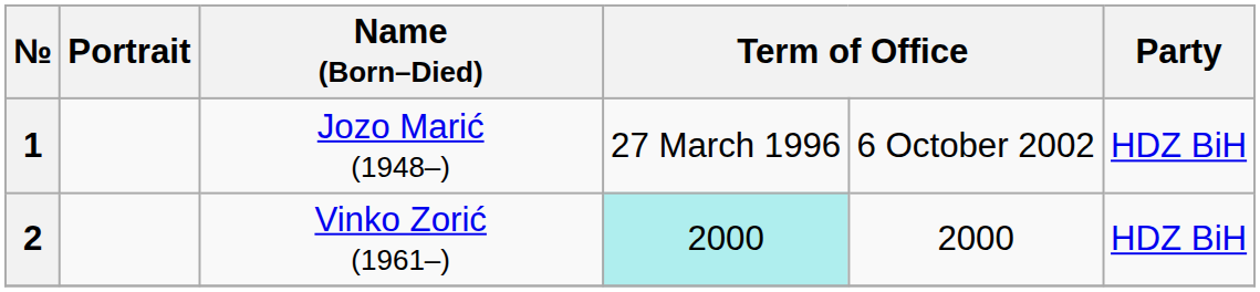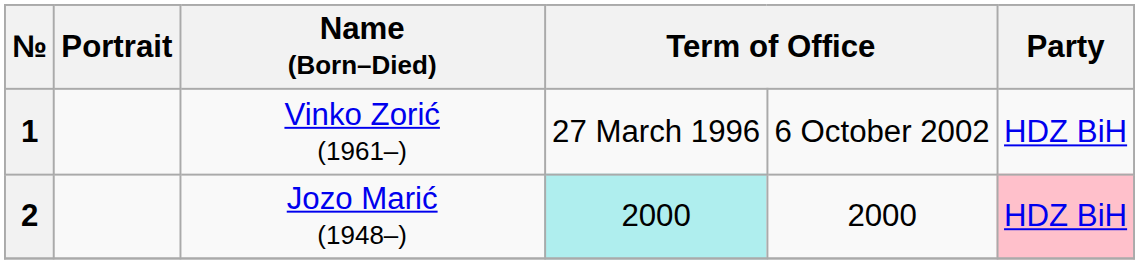 <table class="wikitable" style="text-align:center">
 <tr ->
 <th>№</th>
 <th>Portrait</th>
 <th width=180>Name<br><small>(Born–Died)</small></th>
 <th colspan=2>Term of Office</th>
 <th>Party</th>
 </tr>
 <tr ->
 <th style="background:">1</th>
 <td></td>
-<td><a href='#'>Jozo Marić</a><br><small>(1948–)</small></td>
+<td><a href='#'>Vinko Zorić</a><br><small>(1961–)</small></td>
 <td>27 March 1996</td>
 <td>6 October 2002</td>
 <td><a href='#'>HDZ BiH</a></td>
 </tr>
 <tr ->
 <th style="background:">2</th>
 <td></td>
-<td><a href='#'>Vinko Zorić</a><br><small>(1961–)</small></td>
+<td><a href='#'>Jozo Marić</a><br><small>(1948–)</small></td>
 <td style="background: paleturquoise;">2000</td>
 <td>2000</td>
-<td><a href='#'>HDZ BiH</a></td>
+<td style="background: pink;"><a href='#'>HDZ BiH</a></td>
 </tr>
 <tr ->
 </tr>
 </table>
